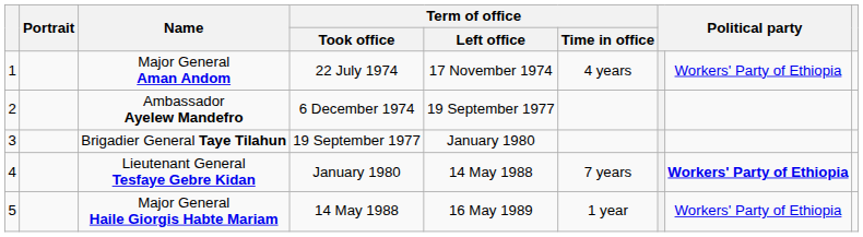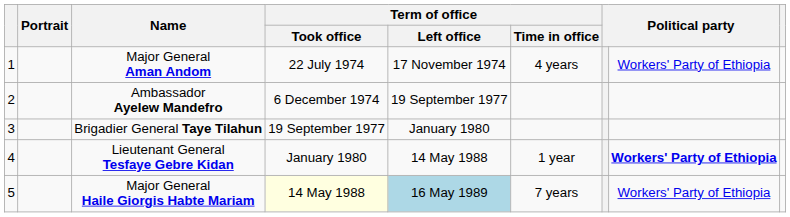 <table class="wikitable" style="text-align:center">
 <tr>
 <th rowspan="2"></th>
 <th rowspan="2">Portrait</th>
 <th rowspan="2">Name<br></th>
 <th colspan="3">Term of office</th>
 <th colspan="2" rowspan="2">Political party</th>
 <th rowspan="2"></th>
 </tr>
 <tr>
 <th>Took office</th>
 <th>Left office</th>
 <th>Time in office</th>
 </tr>
 <tr>
 <td>1</td>
 <td></td>
 <td>Major General<br><strong><a href='#'>Aman Andom</a></strong></td>
 <td>22 July 1974</td>
 <td>17 November 1974</td>
 <td>4 years</td>
 <th style="background:"></th>
 <td><a href='#'>Workers' Party of Ethiopia</a></td>
 <td></td>
 </tr>
 <tr>
 <td>2</td>
 <td></td>
 <td>Ambassador<br><strong>Ayelew Mandefro</strong></td>
 <td>6 December 1974</td>
 <td>19 September 1977</td>
 <td></td>
 <th></th>
 <td></td>
 <td></td>
 </tr>
 <tr>
 <td>3</td>
 <td></td>
 <td>Brigadier General <strong>Taye Tilahun</strong></td>
 <td>19 September 1977</td>
 <td>January 1980</td>
 <td></td>
 <th></th>
 <td></td>
 <td></td>
 </tr>
 <tr>
 <td>4</td>
 <td></td>
 <td>Lieutenant General<br><strong><a href='#'>Tesfaye Gebre Kidan</a></strong></td>
 <td>January 1980</td>
 <td>14 May 1988</td>
-<td>7 years</td>
+<td>1 year</td>
 <th style="background:"></th>
 <td><strong><a href='#'>Workers' Party of Ethiopia</a></strong></td>
 <td></td>
 </tr>
 <tr>
 <td>5</td>
 <td></td>
 <td>Major General<br><strong><a href='#'>Haile Giorgis Habte Mariam</a></strong></td>
-<td>14 May 1988</td>
-<td>16 May 1989</td>
-<td>1 year</td>
+<td style="background: lightyellow;">14 May 1988</td>
+<td style="background: lightblue;">16 May 1989</td>
+<td>7 years</td>
 <th style="background:"></th>
 <td><a href='#'>Workers' Party of Ethiopia</a></td>
 <td></td>
 </tr>
 </table>
